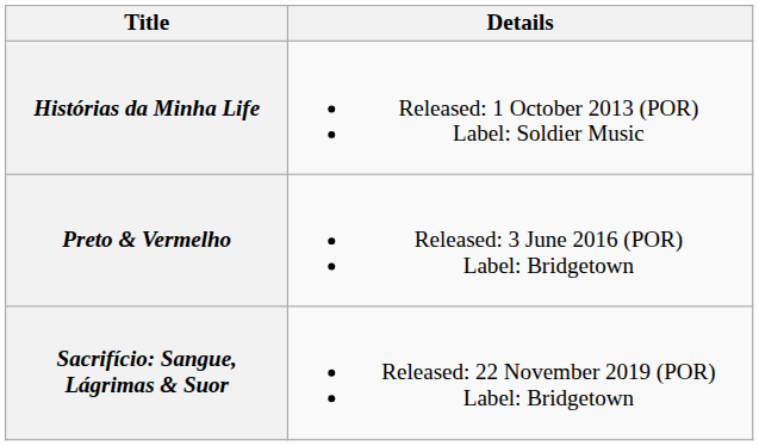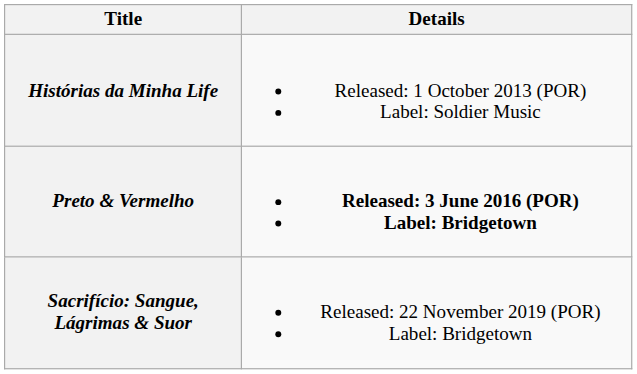 <table class="wikitable plainrowheaders" style="text-align:center;">
 <tr>
 <th scope="col" style="width:12em;">Title</th>
 <th scope="col" style="width:20em;">Details</th>
 </tr>
 <tr>
 <th scope="row"><em>Histórias da Minha Life</em></th>
 <td><br><ul><li>Released: 1 October 2013 <span>(POR)</span></li><li>Label: Soldier Music</li></ul></td>
 </tr>
 <tr>
 <th scope="row"><em>Preto & Vermelho</em></th>
-<td><br><ul><li>Released: 3 June 2016 <span>(POR)</span></li><li>Label: Bridgetown</li></ul></td>
+<td><strong><br><ul><li>Released: 3 June 2016 <span>(POR)</span></li><li>Label: Bridgetown</li></ul></strong></td>
 </tr>
 <tr>
 <th scope="row"><em>Sacrifício: Sangue, Lágrimas & Suor</em></th>
 <td><br><ul><li>Released: 22 November 2019 <span>(POR)</span></li><li>Label: Bridgetown</li></ul></td>
 </tr>
 </table>
